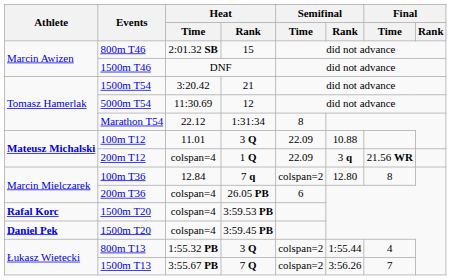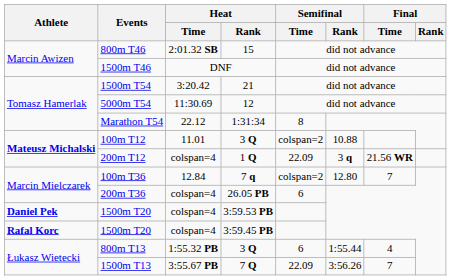 <table class=wikitable style="text-align: center; font-size:90%">
 <tr>
 <th rowspan="2">Athlete</th>
 <th rowspan="2">Events</th>
 <th colspan="2">Heat</th>
 <th colspan="2">Semifinal</th>
 <th colspan="2">Final</th>
 </tr>
 <tr>
 <th>Time</th>
 <th>Rank</th>
 <th>Time</th>
 <th>Rank</th>
 <th>Time</th>
 <th>Rank</th>
 </tr>
 <tr>
 <td align=left rowspan=2><a href='#'>Marcin Awizen</a></td>
 <td align=left><a href='#'>800m T46</a></td>
 <td>2:01.32 <strong>SB</strong></td>
 <td>15</td>
 <td colspan=4>did not advance</td>
 </tr>
 <tr>
 <td align=left><a href='#'>1500m T46</a></td>
 <td colspan=2>DNF</td>
 <td colspan=4>did not advance</td>
 </tr>
 <tr>
 <td align=left rowspan=3><a href='#'>Tomasz Hamerlak</a></td>
 <td align=left><a href='#'>1500m T54</a></td>
 <td>3:20.42</td>
 <td>21</td>
 <td colspan=4>did not advance</td>
 </tr>
 <tr>
 <td align=left><a href='#'>5000m T54</a></td>
 <td>11:30.69</td>
 <td>12</td>
 <td colspan=4>did not advance</td>
 </tr>
 <tr>
 <td align=left><a href='#'>Marathon T54</a></td>
 <td>22.12</td>
 <td>1:31:34</td>
 <td>8</td>
 </tr>
 <tr>
 <td align=left rowspan=2><strong><a href='#'>Mateusz Michalski</a></strong></td>
 <td align=left><a href='#'>100m T12</a></td>
 <td>11.01</td>
 <td>3 <strong>Q</strong></td>
-<td>22.09</td>
+<td>colspan=2 </td>
 <td>10.88</td>
 <td></td>
 </tr>
 <tr>
 <td align=left><a href='#'>200m T12</a></td>
 <td>colspan=4 </td>
 <td>1 <strong>Q</strong></td>
 <td>22.09</td>
 <td>3 <strong>q</strong></td>
 <td>21.56 <strong>WR</strong></td>
 <td></td>
 </tr>
 <tr>
 <td align=left rowspan=2><a href='#'>Marcin Mielczarek</a></td>
 <td align=left><a href='#'>100m T36</a></td>
 <td>12.84</td>
 <td>7 <strong>q</strong></td>
 <td>colspan=2 </td>
 <td>12.80</td>
-<td>8</td>
+<td>7</td>
 </tr>
 <tr>
 <td align=left><a href='#'>200m T36</a></td>
 <td>colspan=4 </td>
 <td>26.05 <strong>PB</strong></td>
 <td>6</td>
 </tr>
 <tr>
-<td align=left><strong><a href='#'>Rafal Korc</a></strong></td>
+<td align=left><strong><a href='#'>Daniel Pek</a></strong></td>
 <td align=left><a href='#'>1500m T20</a></td>
 <td>colspan=4 </td>
 <td>3:59.53 <strong>PB</strong></td>
 <td></td>
 </tr>
 <tr>
-<td align=left><strong><a href='#'>Daniel Pek</a></strong></td>
+<td align=left><strong><a href='#'>Rafal Korc</a></strong></td>
 <td align=left><a href='#'>1500m T20</a></td>
 <td>colspan=4 </td>
 <td>3:59.45 <strong>PB</strong></td>
 <td></td>
 </tr>
 <tr>
 <td align=left rowspan=2><a href='#'>Łukasz Wietecki</a></td>
 <td align=left><a href='#'>800m T13</a></td>
 <td>1:55.32 <strong>PB</strong></td>
 <td>3 <strong>Q</strong></td>
-<td>colspan=2 </td>
+<td>6</td>
 <td>1:55.44</td>
 <td>4</td>
 </tr>
 <tr>
 <td align=left><a href='#'>1500m T13</a></td>
 <td>3:55.67 <strong>PB</strong></td>
 <td>7 <strong>Q</strong></td>
-<td>colspan=2 </td>
+<td>22.09</td>
 <td>3:56.26</td>
 <td>7</td>
 </tr>
 </table>
